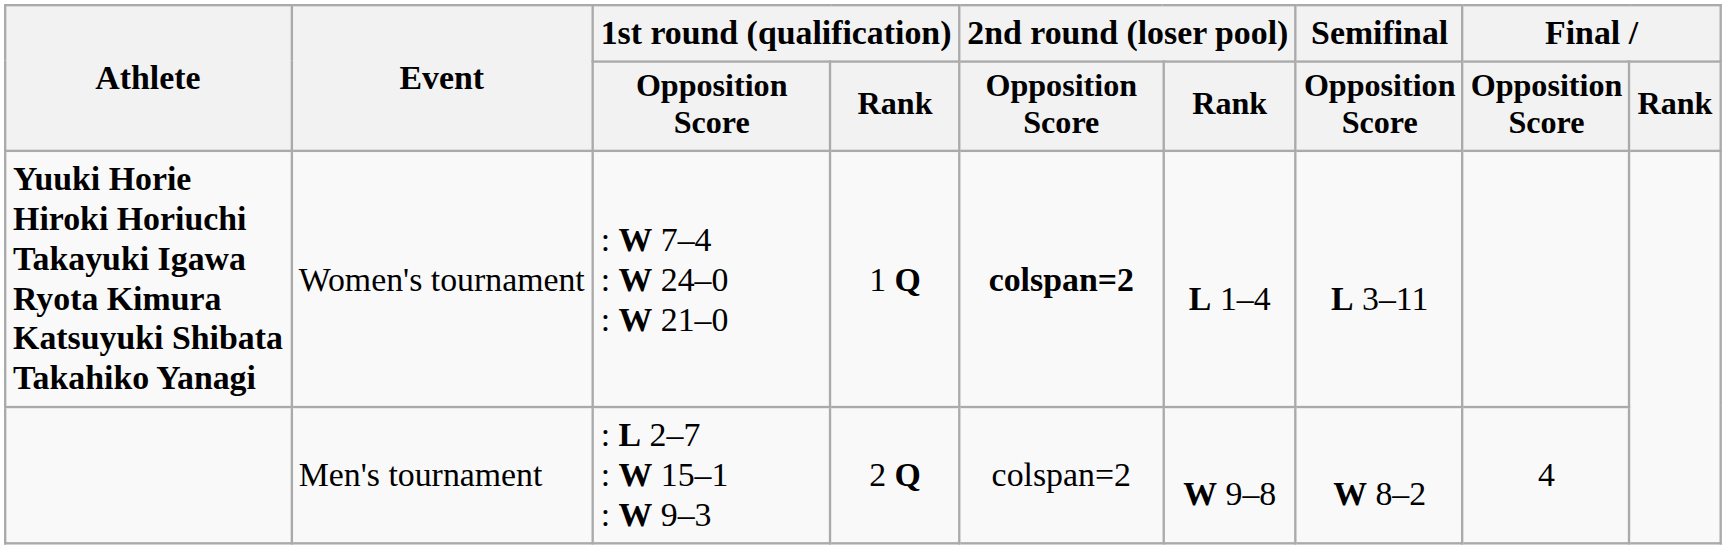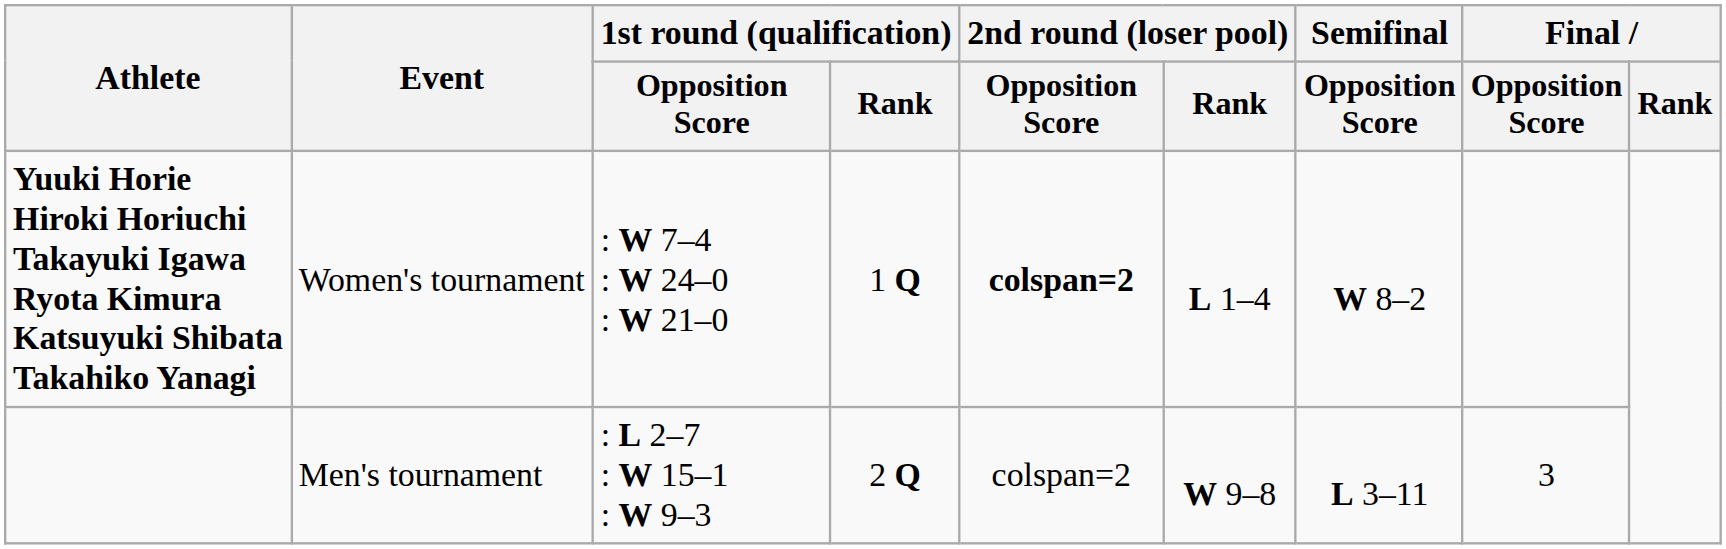 <table class=wikitable style=font-size:90%;text-align:center>
 <tr>
 <th rowspan=2>Athlete</th>
 <th rowspan=2>Event</th>
 <th colspan=2>1st round (qualification)</th>
 <th colspan=2>2nd round (loser pool)</th>
 <th>Semifinal</th>
 <th colspan=2>Final / </th>
 </tr>
 <tr style=font-size:95%>
 <th>Opposition<br>Score</th>
 <th>Rank</th>
 <th>Opposition<br>Score</th>
 <th>Rank</th>
 <th>Opposition<br>Score</th>
 <th>Opposition<br>Score</th>
 <th>Rank</th>
 </tr>
 <tr>
 <td style="text-align:left"><strong>Yuuki Horie<br>Hiroki Horiuchi<br>Takayuki Igawa<br>Ryota Kimura<br>Katsuyuki Shibata<br>Takahiko Yanagi</strong></td>
 <td style="text-align:left">Women's tournament</td>
 <td style="text-align:left">: <strong>W</strong> 7–4<br>: <strong>W</strong> 24–0<br>: <strong>W</strong> 21–0</td>
 <td>1 <strong>Q</strong></td>
 <td><strong>colspan=2 </strong></td>
 <td><br><strong>L</strong> 1–4</td>
-<td><br><strong>L</strong> 3–11</td>
+<td><br><strong>W</strong> 8–2</td>
 <td></td>
 </tr>
 <tr>
 <td style="text-align:left"></td>
 <td style="text-align:left">Men's tournament</td>
 <td style="text-align:left">: <strong>L</strong> 2–7<br>: <strong>W</strong> 15–1<br>: <strong>W</strong> 9–3</td>
 <td>2 <strong>Q</strong></td>
 <td>colspan=2 </td>
 <td><br><strong>W</strong> 9–8</td>
-<td><br><strong>W</strong> 8–2</td>
-<td>4</td>
+<td><br><strong>L</strong> 3–11</td>
+<td>3</td>
 </tr>
 </table>
